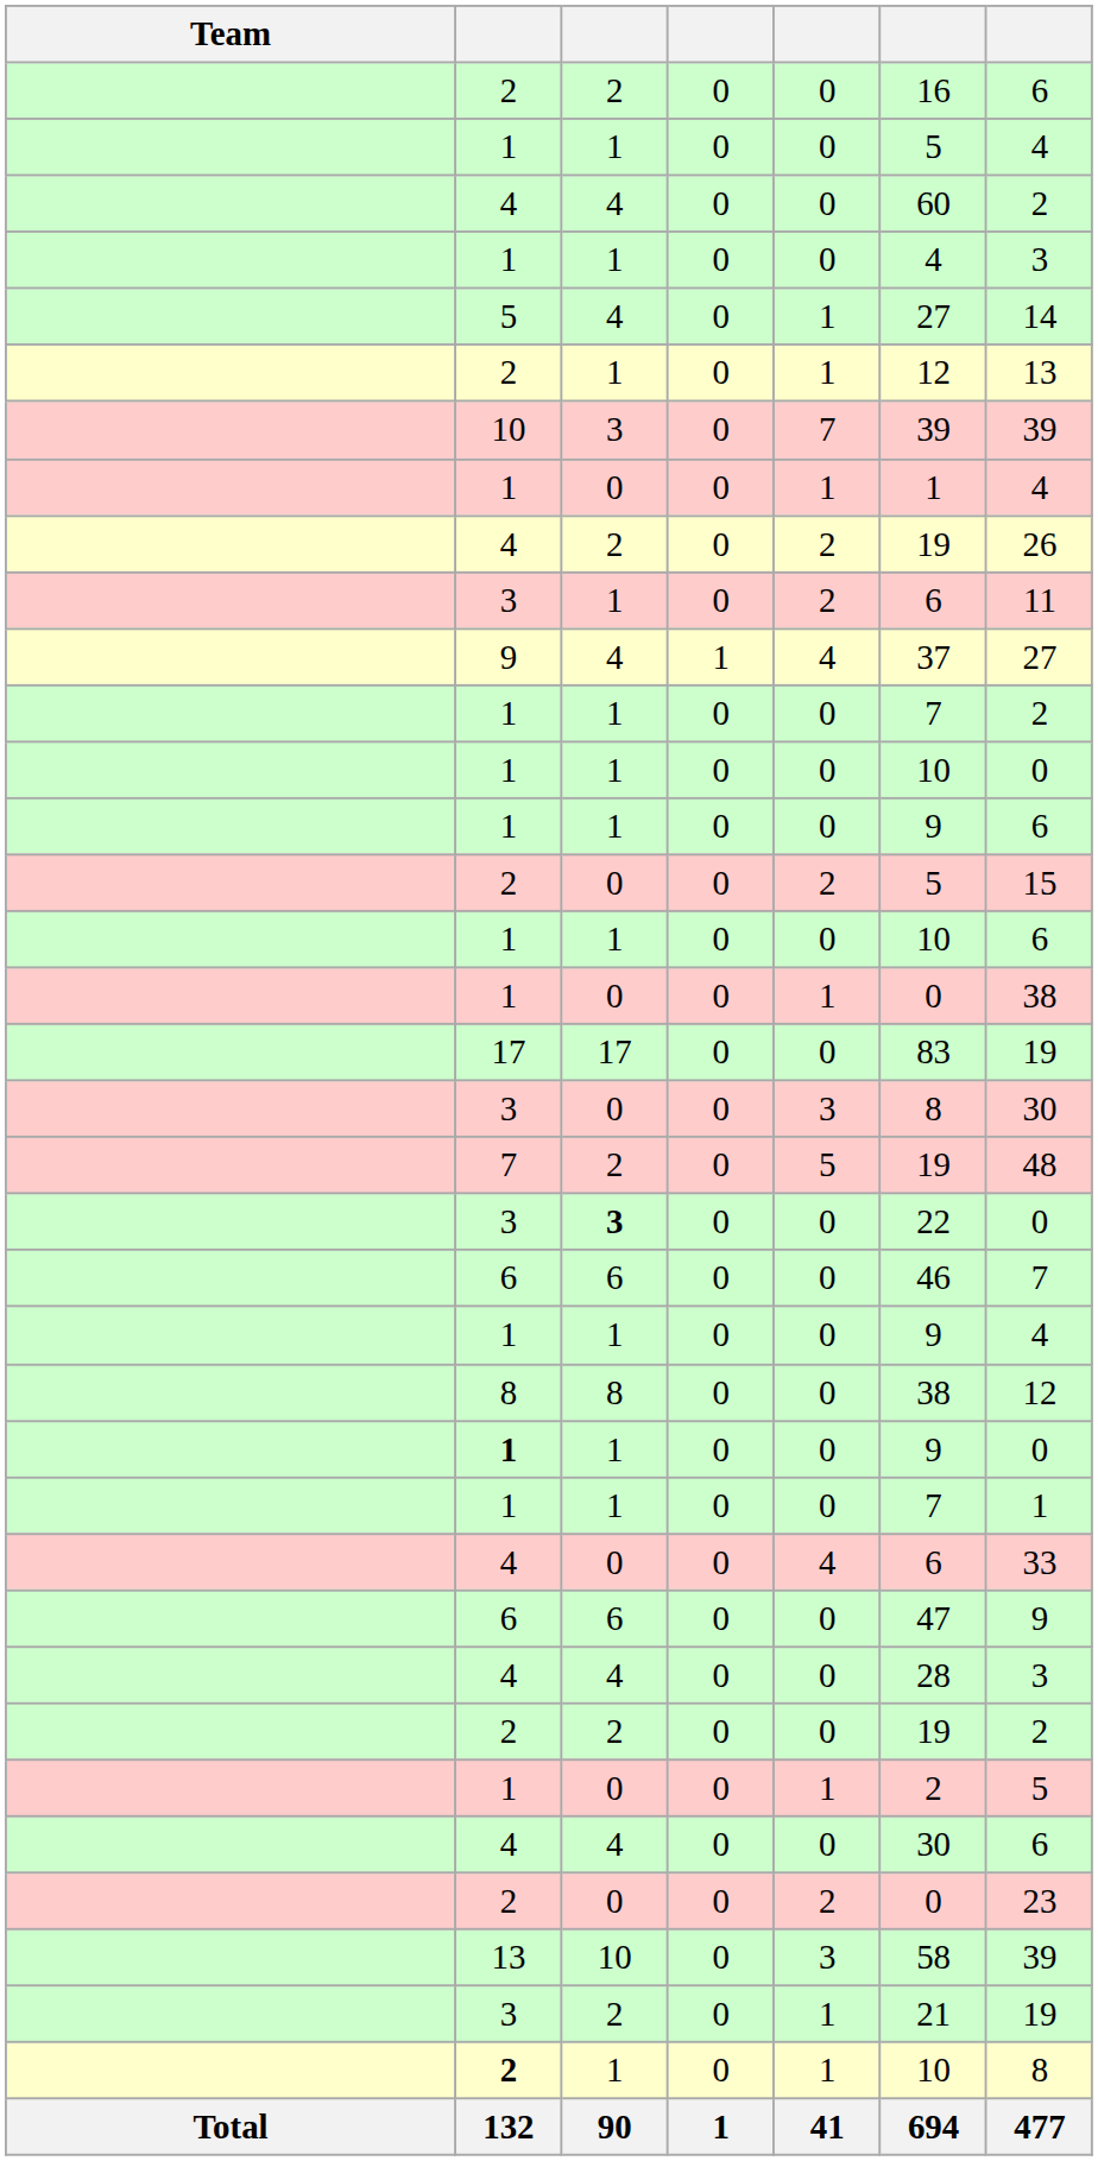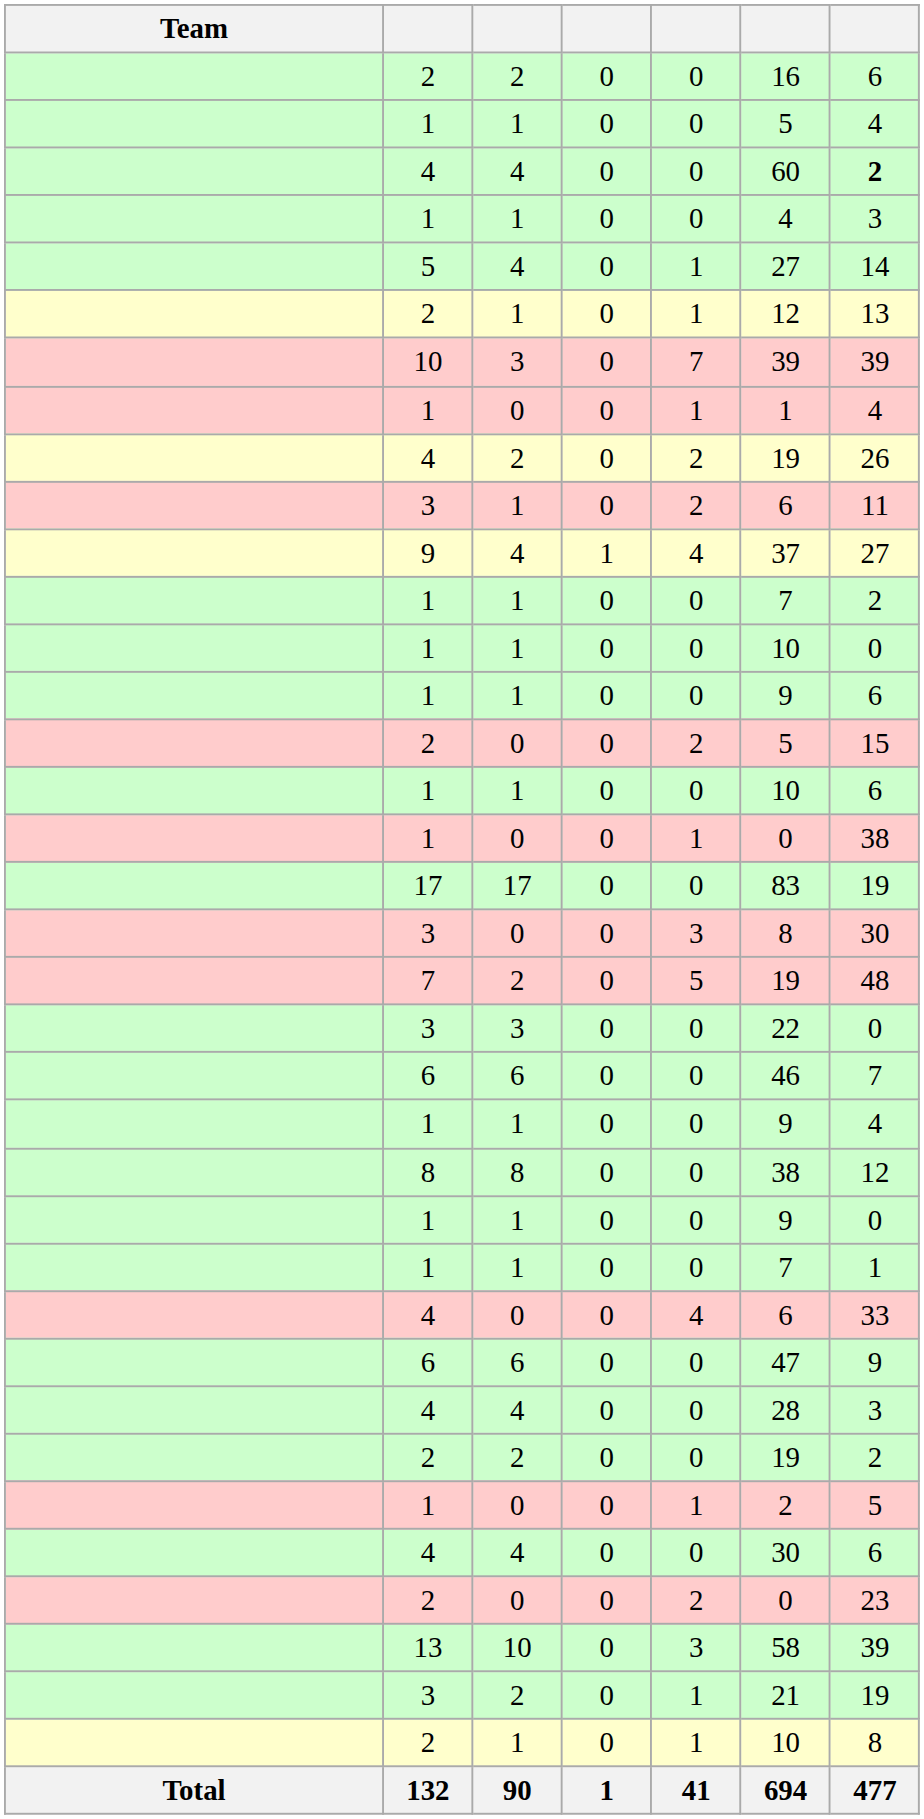 <table class="wikitable" style="font-size:95%; text-align:center">
 <tr>
 <th width=192>Team</th>
 <th width=40></th>
 <th width=40></th>
 <th width=40></th>
 <th width=40></th>
 <th width=40></th>
 <th width=40></th>
 </tr>
 <tr bgcolor=#CCFFCC>
 <td style="text-align:left;"></td>
 <td>2</td>
 <td>2</td>
 <td>0</td>
 <td>0</td>
 <td>16</td>
 <td>6</td>
 </tr>
 <tr bgcolor=#CCFFCC>
 <td style="text-align:left;"></td>
 <td>1</td>
 <td>1</td>
 <td>0</td>
 <td>0</td>
 <td>5</td>
 <td>4</td>
 </tr>
 <tr bgcolor=#CCFFCC>
 <td style="text-align:left;"></td>
 <td>4</td>
 <td>4</td>
 <td>0</td>
 <td>0</td>
 <td>60</td>
-<td>2</td>
+<td><strong>2</strong></td>
 </tr>
 <tr bgcolor=#CCFFCC>
 <td style="text-align:left;"></td>
 <td>1</td>
 <td>1</td>
 <td>0</td>
 <td>0</td>
 <td>4</td>
 <td>3</td>
 </tr>
 <tr bgcolor=#CCFFCC>
 <td style="text-align:left;"></td>
 <td>5</td>
 <td>4</td>
 <td>0</td>
 <td>1</td>
 <td>27</td>
 <td>14</td>
 </tr>
 <tr bgcolor=#FFFFCC>
 <td style="text-align:left;"></td>
 <td>2</td>
 <td>1</td>
 <td>0</td>
 <td>1</td>
 <td>12</td>
 <td>13</td>
 </tr>
 <tr bgcolor=#FFCCCC>
 <td style="text-align:left;"></td>
 <td>10</td>
 <td>3</td>
 <td>0</td>
 <td>7</td>
 <td>39</td>
 <td>39</td>
 </tr>
 <tr bgcolor=#FFCCCC>
 <td style="text-align:left;"></td>
 <td>1</td>
 <td>0</td>
 <td>0</td>
 <td>1</td>
 <td>1</td>
 <td>4</td>
 </tr>
 <tr bgcolor=#FFFFCC>
 <td style="text-align:left;"></td>
 <td>4</td>
 <td>2</td>
 <td>0</td>
 <td>2</td>
 <td>19</td>
 <td>26</td>
 </tr>
 <tr bgcolor=#FFCCCC>
 <td style="text-align:left;"></td>
 <td>3</td>
 <td>1</td>
 <td>0</td>
 <td>2</td>
 <td>6</td>
 <td>11</td>
 </tr>
 <tr bgcolor=#FFFFCC>
 <td style="text-align:left;"></td>
 <td>9</td>
 <td>4</td>
 <td>1</td>
 <td>4</td>
 <td>37</td>
 <td>27</td>
 </tr>
 <tr bgcolor=#CCFFCC>
 <td style="text-align:left;"></td>
 <td>1</td>
 <td>1</td>
 <td>0</td>
 <td>0</td>
 <td>7</td>
 <td>2</td>
 </tr>
 <tr bgcolor=#CCFFCC>
 <td style="text-align:left;"></td>
 <td>1</td>
 <td>1</td>
 <td>0</td>
 <td>0</td>
 <td>10</td>
 <td>0</td>
 </tr>
 <tr bgcolor=#CCFFCC>
 <td style="text-align:left;"></td>
 <td>1</td>
 <td>1</td>
 <td>0</td>
 <td>0</td>
 <td>9</td>
 <td>6</td>
 </tr>
 <tr bgcolor=#FFCCCC>
 <td style="text-align:left;"></td>
 <td>2</td>
 <td>0</td>
 <td>0</td>
 <td>2</td>
 <td>5</td>
 <td>15</td>
 </tr>
 <tr bgcolor=#CCFFCC>
 <td style="text-align:left;"></td>
 <td>1</td>
 <td>1</td>
 <td>0</td>
 <td>0</td>
 <td>10</td>
 <td>6</td>
 </tr>
 <tr bgcolor=#FFCCCC>
 <td style="text-align:left;"></td>
 <td>1</td>
 <td>0</td>
 <td>0</td>
 <td>1</td>
 <td>0</td>
 <td>38</td>
 </tr>
 <tr bgcolor=#CCFFCC>
 <td style="text-align:left;"></td>
 <td>17</td>
 <td>17</td>
 <td>0</td>
 <td>0</td>
 <td>83</td>
 <td>19</td>
 </tr>
 <tr bgcolor=#FFCCCC>
 <td style="text-align:left;"></td>
 <td>3</td>
 <td>0</td>
 <td>0</td>
 <td>3</td>
 <td>8</td>
 <td>30</td>
 </tr>
 <tr bgcolor=#FFCCCC>
 <td style="text-align:left;"></td>
 <td>7</td>
 <td>2</td>
 <td>0</td>
 <td>5</td>
 <td>19</td>
 <td>48</td>
 </tr>
 <tr bgcolor=#CCFFCC>
 <td style="text-align:left;"></td>
 <td>3</td>
-<td><strong>3</strong></td>
+<td>3</td>
 <td>0</td>
 <td>0</td>
 <td>22</td>
 <td>0</td>
 </tr>
 <tr bgcolor=#CCFFCC>
 <td style="text-align:left;"></td>
 <td>6</td>
 <td>6</td>
 <td>0</td>
 <td>0</td>
 <td>46</td>
 <td>7</td>
 </tr>
 <tr bgcolor=#CCFFCC>
 <td style="text-align:left;"></td>
 <td>1</td>
 <td>1</td>
 <td>0</td>
 <td>0</td>
 <td>9</td>
 <td>4</td>
 </tr>
 <tr bgcolor=#CCFFCC>
 <td style="text-align:left;"></td>
 <td>8</td>
 <td>8</td>
 <td>0</td>
 <td>0</td>
 <td>38</td>
 <td>12</td>
 </tr>
 <tr bgcolor=#CCFFCC>
 <td style="text-align:left;"></td>
-<td><strong>1</strong></td>
+<td>1</td>
 <td>1</td>
 <td>0</td>
 <td>0</td>
 <td>9</td>
 <td>0</td>
 </tr>
 <tr bgcolor=#CCFFCC>
 <td style="text-align:left;"></td>
 <td>1</td>
 <td>1</td>
 <td>0</td>
 <td>0</td>
 <td>7</td>
 <td>1</td>
 </tr>
 <tr bgcolor=#FFCCCC>
 <td style="text-align:left;"></td>
 <td>4</td>
 <td>0</td>
 <td>0</td>
 <td>4</td>
 <td>6</td>
 <td>33</td>
 </tr>
 <tr bgcolor=#CCFFCC>
 <td style="text-align:left;"></td>
 <td>6</td>
 <td>6</td>
 <td>0</td>
 <td>0</td>
 <td>47</td>
 <td>9</td>
 </tr>
 <tr bgcolor=#CCFFCC>
 <td style="text-align:left;"></td>
 <td>4</td>
 <td>4</td>
 <td>0</td>
 <td>0</td>
 <td>28</td>
 <td>3</td>
 </tr>
 <tr bgcolor=#CCFFCC>
 <td style="text-align:left;"></td>
 <td>2</td>
 <td>2</td>
 <td>0</td>
 <td>0</td>
 <td>19</td>
 <td>2</td>
 </tr>
 <tr bgcolor=#FFCCCC>
 <td style="text-align:left;"></td>
 <td>1</td>
 <td>0</td>
 <td>0</td>
 <td>1</td>
 <td>2</td>
 <td>5</td>
 </tr>
 <tr bgcolor=#CCFFCC>
 <td style="text-align:left;"></td>
 <td>4</td>
 <td>4</td>
 <td>0</td>
 <td>0</td>
 <td>30</td>
 <td>6</td>
 </tr>
 <tr bgcolor=#FFCCCC>
 <td style="text-align:left;"></td>
 <td>2</td>
 <td>0</td>
 <td>0</td>
 <td>2</td>
 <td>0</td>
 <td>23</td>
 </tr>
 <tr bgcolor=#CCFFCC>
 <td style="text-align:left;"></td>
 <td>13</td>
 <td>10</td>
 <td>0</td>
 <td>3</td>
 <td>58</td>
 <td>39</td>
 </tr>
 <tr bgcolor=#CCFFCC>
 <td style="text-align:left;"></td>
 <td>3</td>
 <td>2</td>
 <td>0</td>
 <td>1</td>
 <td>21</td>
 <td>19</td>
 </tr>
 <tr bgcolor=#FFFFCC>
 <td style="text-align:left;"></td>
-<td><strong>2</strong></td>
+<td>2</td>
 <td>1</td>
 <td>0</td>
 <td>1</td>
 <td>10</td>
 <td>8</td>
 </tr>
 <tr>
 <th>Total</th>
 <th>132</th>
 <th>90</th>
 <th>1</th>
 <th>41</th>
 <th>694</th>
 <th>477</th>
 </tr>
 </table>
